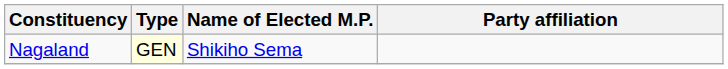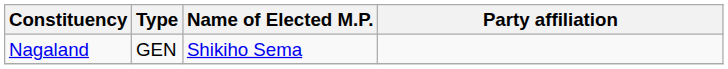 <table class="wikitable" style="font-size:95%;">
 <tr>
 <th>Constituency</th>
 <th>Type</th>
 <th>Name of Elected M.P.</th>
 <th colspan="2" style="width:18em">Party affiliation</th>
 </tr>
 <tr>
 <td><a href='#'>Nagaland</a></td>
-<td style="background: lightyellow;">GEN</td>
+<td>GEN</td>
 <td><a href='#'>Shikiho Sema</a></td>
 <td></td>
 </tr>
 <tr>
 </tr>
 </table>
